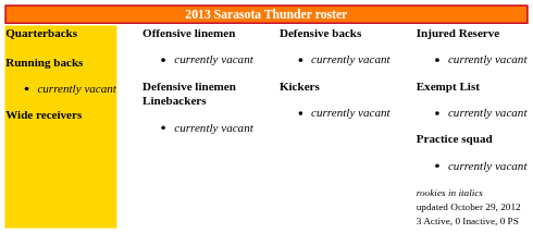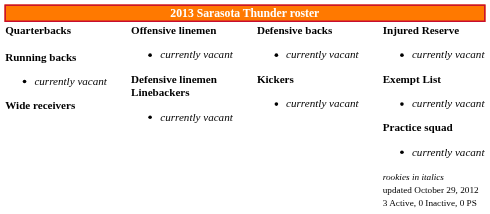 <table class="toccolours" style="text-align: left;">
 <tr>
 <th colspan="7" style="background-color:#FF7900; border:2px  solid #C60C30; color:white; text-align:center;"><strong>2013 Sarasota Thunder roster</strong></th>
 </tr>
 <tr>
-<td style="background: gold; font-size: 95%;" valign="top"><strong>Quarterbacks</strong><br><br><strong>Running backs</strong><ul><li><em>currently vacant</em></li></ul><strong>Wide receivers</strong> </td>
+<td style="font-size: 95%;" valign="top"><strong>Quarterbacks</strong><br><br><strong>Running backs</strong><ul><li><em>currently vacant</em></li></ul><strong>Wide receivers</strong> </td>
 <td style="width: 25px;"></td>
 <td style="font-size: 95%;" valign="top"><strong>Offensive linemen</strong><br><ul><li><em>currently vacant</em></li></ul><strong>Defensive linemen</strong> <br><strong>Linebackers</strong><ul><li><em>currently vacant</em></li></ul></td>
 <td style="width: 25px;"></td>
 <td style="font-size: 95%;" valign="top"><strong>Defensive backs</strong><br><ul><li><em>currently vacant</em></li></ul><strong>Kickers</strong><ul><li><em>currently vacant</em></li></ul></td>
 <td style="width: 25px;"></td>
 <td style="font-size: 95%;" valign="top"><strong>Injured Reserve</strong><br><ul><li><em>currently vacant</em></li></ul><strong>Exempt List</strong><ul><li><em>currently vacant</em></li></ul><strong>Practice squad</strong><ul><li><em>currently vacant</em></li></ul><small><em>rookies in italics</em><br> updated October 29, 2012</small><br> <small>3 Active, 0 Inactive, 0 PS</small></td>
 </tr>
 <tr>
 </tr>
 </table>
